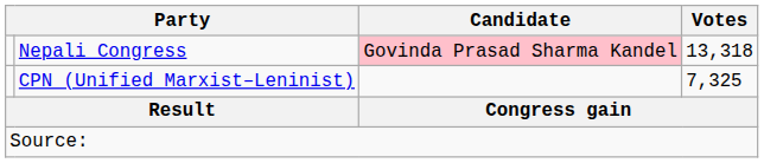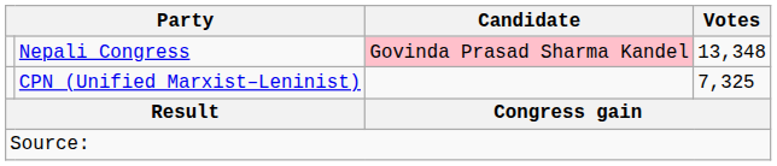 <table class="wikitable">
 <tr>
 <th colspan="2">Party</th>
 <th>Candidate</th>
 <th>Votes</th>
 </tr>
 <tr>
 <td style="background-color:"></td>
 <td><a href='#'>Nepali Congress</a></td>
 <td style="background: pink;">Govinda Prasad Sharma Kandel</td>
-<td>13,318</td>
+<td>13,348</td>
 </tr>
 <tr>
 <td style="background-color:"></td>
 <td><a href='#'>CPN (Unified Marxist–Leninist)</a></td>
 <td></td>
 <td>7,325</td>
 </tr>
 <tr>
 <th colspan="2">Result</th>
 <th colspan="2">Congress gain</th>
 </tr>
 <tr>
 <td colspan="4">Source: </td>
 </tr>
 </table>
